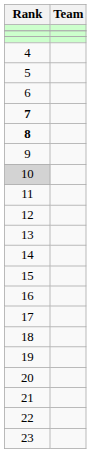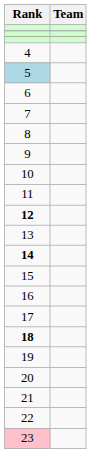 <table class="wikitable" style="text-align: center">
 <tr>
 <th width=50>Rank</th>
 <th>Team</th>
 </tr>
 <tr bgcolor=#ccffcc>
 <td></td>
 <td align=left></td>
 </tr>
 <tr>
 </tr>
 <tr bgcolor=#ccffcc>
 <td></td>
 <td align=left></td>
 </tr>
 <tr>
 </tr>
 <tr bgcolor=#ccffcc>
 <td></td>
 <td align=left></td>
 </tr>
 <tr>
 <td>4</td>
 <td align=left></td>
 </tr>
 <tr>
-<td>5</td>
+<td style="background: lightblue;">5</td>
 <td align=left></td>
 </tr>
 <tr>
 <td>6</td>
 <td align=left></td>
 </tr>
 <tr>
-<td><strong>7</strong></td>
+<td>7</td>
 <td align=left></td>
 </tr>
 <tr>
-<td><strong>8</strong></td>
+<td>8</td>
 <td align=left></td>
 </tr>
 <tr>
 <td>9</td>
 <td align=left></td>
 </tr>
 <tr>
-<td style="background: lightgrey;">10</td>
+<td>10</td>
 <td align=left></td>
 </tr>
 <tr>
 <td>11</td>
 <td align=left></td>
 </tr>
 <tr>
-<td>12</td>
+<td><strong>12</strong></td>
 <td align=left></td>
 </tr>
 <tr>
 <td>13</td>
 <td align=left></td>
 </tr>
 <tr>
-<td>14</td>
+<td><strong>14</strong></td>
 <td align=left></td>
 </tr>
 <tr>
 <td>15</td>
 <td align=left></td>
 </tr>
 <tr>
 <td>16</td>
 <td align=left></td>
 </tr>
 <tr>
 <td>17</td>
 <td align=left></td>
 </tr>
 <tr>
-<td>18</td>
+<td><strong>18</strong></td>
 <td align=left></td>
 </tr>
 <tr>
 <td>19</td>
 <td align=left></td>
 </tr>
 <tr>
 <td>20</td>
 <td align=left></td>
 </tr>
 <tr>
 <td>21</td>
 <td align=left></td>
 </tr>
 <tr>
 <td>22</td>
 <td align=left></td>
 </tr>
 <tr>
-<td>23</td>
+<td style="background: pink;">23</td>
 <td align=left></td>
 </tr>
 </table>
